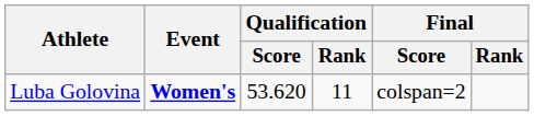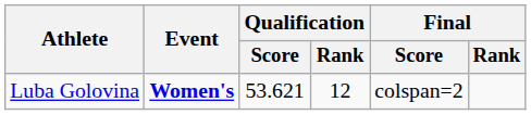 <table class="wikitable" style="font-size:90%">
 <tr>
 <th rowspan="2">Athlete</th>
 <th rowspan="2">Event</th>
 <th colspan="2">Qualification</th>
 <th colspan="2">Final</th>
 </tr>
 <tr style="font-size:95%">
 <th>Score</th>
 <th>Rank</th>
 <th>Score</th>
 <th>Rank</th>
 </tr>
 <tr align=center>
 <td align=left><a href='#'>Luba Golovina</a></td>
 <td align=left><strong><a href='#'>Women's</a></strong></td>
-<td>53.620</td>
-<td>11</td>
+<td>53.621</td>
+<td>12</td>
 <td>colspan=2</td>
 </tr>
 </table>
